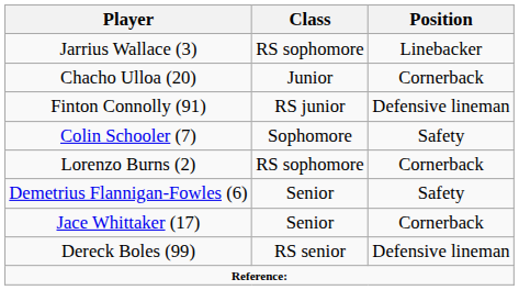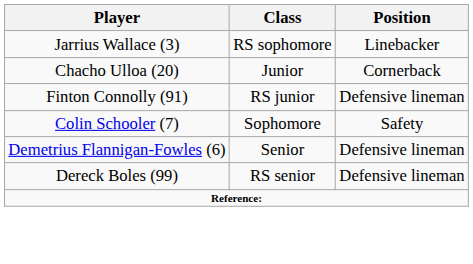 <table class="wikitable" style="text-align: center">
 <tr align=center>
 <th>Player</th>
 <th>Class</th>
 <th>Position</th>
 </tr>
 <tr>
 <td>Jarrius Wallace (3)</td>
 <td>RS sophomore</td>
 <td>Linebacker</td>
 </tr>
 <tr>
 <td>Chacho Ulloa (20)</td>
 <td>Junior</td>
 <td>Cornerback</td>
 </tr>
 <tr>
 <td>Finton Connolly (91)</td>
 <td>RS junior</td>
 <td>Defensive lineman</td>
 </tr>
 <tr>
 <td><a href='#'>Colin Schooler</a> (7)</td>
 <td>Sophomore</td>
 <td>Safety</td>
 </tr>
 <tr>
-<td>Lorenzo Burns (2)</td>
-<td>RS sophomore</td>
-<td>Cornerback</td>
-</tr>
-<tr>
 <td><a href='#'>Demetrius Flannigan-Fowles</a> (6)</td>
 <td>Senior</td>
-<td>Safety</td>
-</tr>
-<tr>
-<td><a href='#'>Jace Whittaker</a> (17)</td>
-<td>Senior</td>
-<td>Cornerback</td>
+<td>Defensive lineman</td>
 </tr>
 <tr>
 <td>Dereck Boles (99)</td>
 <td>RS senior</td>
 <td>Defensive lineman</td>
 </tr>
 <tr>
 <td colspan="3"  style="font-size:8pt; text-align:center;"><strong>Reference:</strong></td>
 </tr>
 </table>
